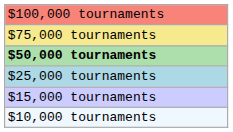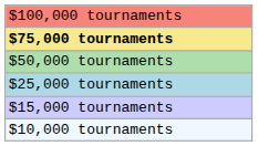 <table class="wikitable" style="font-size:85%;" width=15%>
 <tr style="background:#f88379;">
 <td>$100,000 tournaments</td>
 </tr>
 <tr style="background:#f7e98e;">
-<td>$75,000 tournaments</td>
+<td><strong>$75,000 tournaments</strong></td>
 </tr>
 <tr style="background:#addfad;">
-<td><strong>$50,000 tournaments</strong></td>
+<td>$50,000 tournaments</td>
 </tr>
 <tr style="background:lightblue;">
 <td>$25,000 tournaments</td>
 </tr>
 <tr style="background:#ccccff;">
 <td>$15,000 tournaments</td>
 </tr>
 <tr style="background:#f0f8ff;">
 <td>$10,000 tournaments</td>
 </tr>
 </table>
